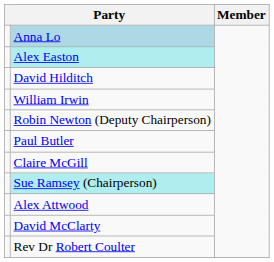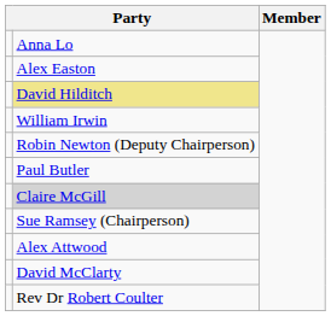 <table class="wikitable" border="1">
 <tr>
 <th colspan="2" scope="col">Party</th>
 <th scope="col">Member</th>
 </tr>
 <tr>
 <td></td>
-<td style="background: lightblue;"><a href='#'>Anna Lo</a></td>
+<td><a href='#'>Anna Lo</a></td>
 </tr>
 <tr>
 <td></td>
-<td style="background: paleturquoise;"><a href='#'>Alex Easton</a></td>
+<td><a href='#'>Alex Easton</a></td>
 </tr>
 <tr>
 <td></td>
-<td><a href='#'>David Hilditch</a></td>
+<td style="background: khaki;"><a href='#'>David Hilditch</a></td>
 </tr>
 <tr>
 <td></td>
 <td><a href='#'>William Irwin</a></td>
 </tr>
 <tr>
 <td></td>
 <td><a href='#'>Robin Newton</a> (Deputy Chairperson)</td>
 </tr>
 <tr>
 <td></td>
 <td><a href='#'>Paul Butler</a></td>
 </tr>
 <tr>
 <td></td>
-<td><a href='#'>Claire McGill</a></td>
+<td style="background: lightgrey;"><a href='#'>Claire McGill</a></td>
 </tr>
 <tr>
 <td></td>
-<td style="background: paleturquoise;"><a href='#'>Sue Ramsey</a> (Chairperson)</td>
+<td><a href='#'>Sue Ramsey</a> (Chairperson)</td>
 </tr>
 <tr>
 <td></td>
 <td><a href='#'>Alex Attwood</a></td>
 </tr>
 <tr>
 <td></td>
 <td><a href='#'>David McClarty</a></td>
 </tr>
 <tr>
 <td></td>
 <td>Rev Dr <a href='#'>Robert Coulter</a></td>
 </tr>
 </table>
